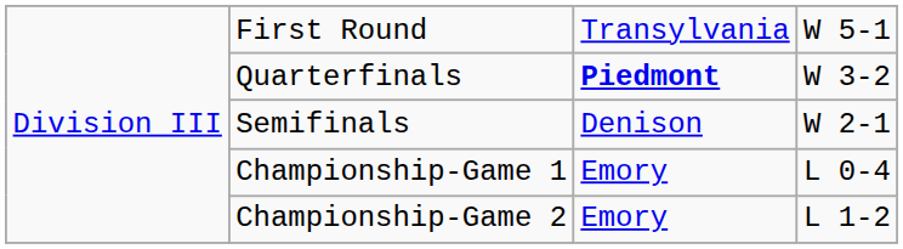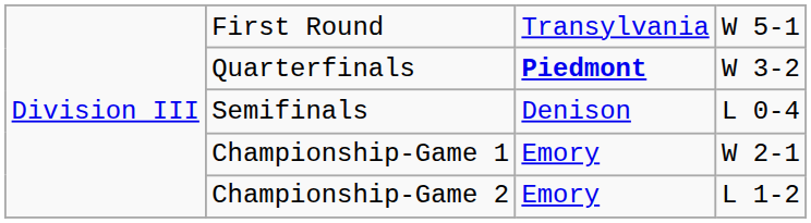 <table class="wikitable">
 <tr>
 <td rowspan="5"><a href='#'>Division III</a></td>
 <td>First Round</td>
 <td><a href='#'>Transylvania</a></td>
 <td>W 5-1</td>
 </tr>
 <tr>
 <td>Quarterfinals</td>
 <td><strong><a href='#'>Piedmont</a></strong></td>
 <td>W 3-2</td>
 </tr>
 <tr>
 <td>Semifinals</td>
 <td><a href='#'>Denison</a></td>
-<td>W 2-1</td>
+<td>L 0-4</td>
 </tr>
 <tr>
 <td>Championship-Game 1</td>
 <td><a href='#'>Emory</a></td>
-<td>L 0-4</td>
+<td>W 2-1</td>
 </tr>
 <tr>
 <td>Championship-Game 2</td>
 <td><a href='#'>Emory</a></td>
 <td>L 1-2</td>
 </tr>
 </table>
